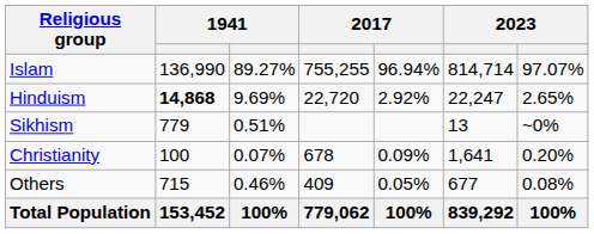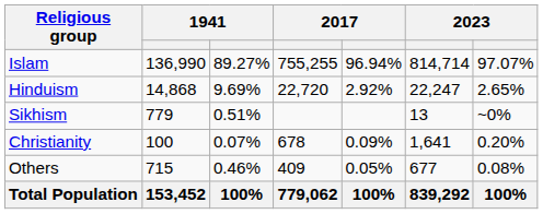 <table class="wikitable sortable">
 <tr>
 <th rowspan="2"><a href='#'>Religious</a><br>group</th>
 <th colspan="2">1941</th>
 <th colspan="2">2017</th>
 <th colspan="2">2023</th>
 </tr>
 <tr>
 <th><a href='#'></a></th>
 <th></th>
 <th></th>
 <th></th>
 <th></th>
 <th></th>
 </tr>
 <tr>
 <td><a href='#'>Islam</a> </td>
 <td>136,990</td>
 <td>89.27%</td>
 <td>755,255</td>
 <td>96.94%</td>
 <td>814,714</td>
 <td>97.07%</td>
 </tr>
 <tr>
 <td><a href='#'>Hinduism</a> </td>
-<td><strong>14,868</strong></td>
+<td>14,868</td>
 <td>9.69%</td>
 <td>22,720</td>
 <td>2.92%</td>
 <td>22,247</td>
 <td>2.65%</td>
 </tr>
 <tr>
 <td><a href='#'>Sikhism</a> </td>
 <td>779</td>
 <td>0.51%</td>
 <td></td>
 <td></td>
 <td>13</td>
 <td>~0%</td>
 </tr>
 <tr>
 <td><a href='#'>Christianity</a> </td>
 <td>100</td>
 <td>0.07%</td>
 <td>678</td>
 <td>0.09%</td>
 <td>1,641</td>
 <td>0.20%</td>
 </tr>
 <tr>
 <td>Others </td>
 <td>715</td>
 <td>0.46%</td>
 <td>409</td>
 <td>0.05%</td>
 <td>677</td>
 <td>0.08%</td>
 </tr>
 <tr>
 <th>Total Population</th>
 <th>153,452</th>
 <th>100%</th>
 <th>779,062</th>
 <th>100%</th>
 <th>839,292</th>
 <th>100%</th>
 </tr>
 </table>
